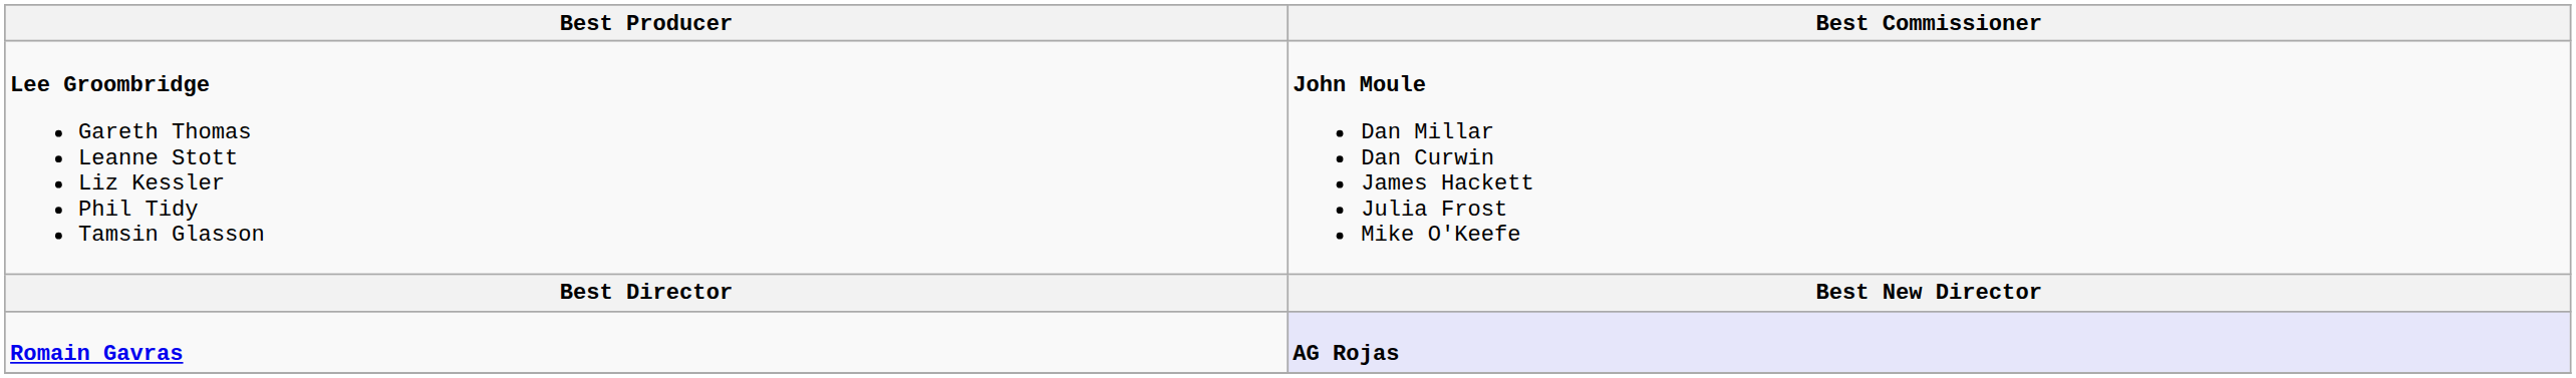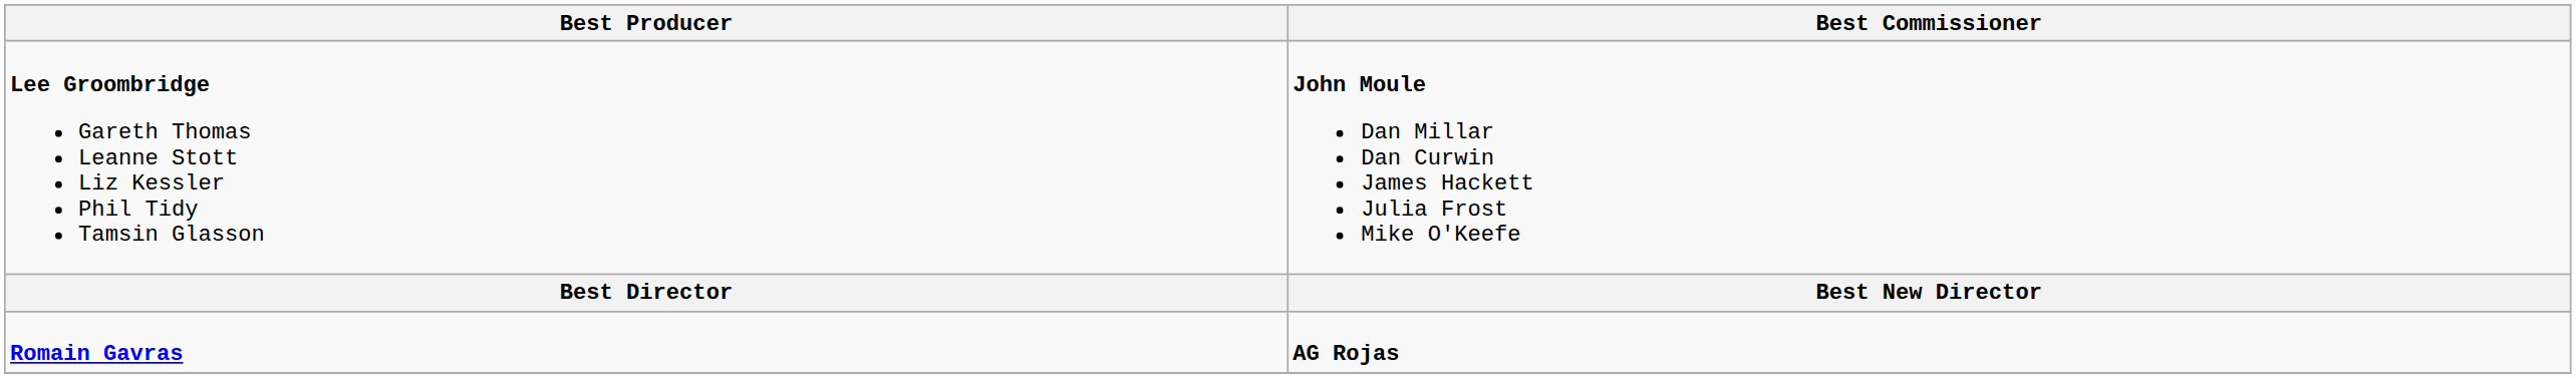 <table class="wikitable" style="width:95%">
 <tr bgcolor="#bebebe">
 <th width="50%">Best Producer</th>
 <th width="50%">Best Commissioner</th>
 </tr>
 <tr>
 <td valign="top"><br><strong>Lee Groombridge</strong><ul><li>Gareth Thomas</li><li>Leanne Stott</li><li>Liz Kessler</li><li>Phil Tidy</li><li>Tamsin Glasson</li></ul></td>
 <td valign="top"><br><strong>John Moule</strong><ul><li>Dan Millar</li><li>Dan Curwin</li><li>James Hackett</li><li>Julia Frost</li><li>Mike O'Keefe</li></ul></td>
 </tr>
 <tr>
 <th width="50%">Best Director</th>
 <th width="50%">Best New Director</th>
 </tr>
 <tr>
 <td valign="top"><br><strong><a href='#'>Romain Gavras</a></strong></td>
-<td valign="top" style="background: lavender;"><br><strong>AG Rojas</strong></td>
+<td valign="top"><br><strong>AG Rojas</strong></td>
 </tr>
 <tr>
 </tr>
 </table>
